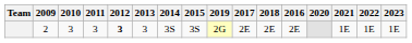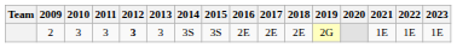 <table class="wikitable" style="font-size:85%; text-align:center;">
 <tr>
 <th scope="col">Team</th>
 <th scope="col">2009</th>
 <th scope="col">2010</th>
 <th scope="col">2011</th>
 <th scope="col">2012</th>
 <th scope="col">2013</th>
 <th scope="col">2014</th>
 <th scope="col">2015</th>
-<th scope="col">2019</th>
+<th scope="col">2016</th>
 <th scope="col">2017</th>
 <th scope="col">2018</th>
-<th scope="col">2016</th>
+<th scope="col">2019</th>
 <th scope="col">2020</th>
 <th scope="col">2021</th>
 <th scope="col">2022</th>
 <th scope="col">2023</th>
 </tr>
 <tr>
 <th scope="row"></th>
 <td>2</td>
 <td>3</td>
 <td>3</td>
 <td><strong>3</strong></td>
 <td>3</td>
 <td>3S</td>
 <td>3S</td>
-<td bgcolor="#ffffbf">2G</td>
 <td>2E</td>
 <td>2E</td>
 <td>2E</td>
+<td bgcolor="#ffffbf">2G</td>
 <td bgcolor="#e2e2e2"></td>
 <td>1E</td>
 <td>1E</td>
 <td>1E</td>
 </tr>
 </table>
